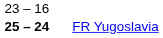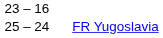 <table style="text-align:center">
 <tr>
 <th width=200></th>
 <th width=100></th>
 <th width=200></th>
 </tr>
 <tr>
 <td align=right><strong></strong></td>
 <td>23 – 16</td>
 <td align=left></td>
 </tr>
 <tr>
 <td align=right><strong></strong></td>
-<td><strong>25 – 24</strong></td>
+<td>25 – 24</td>
 <td align=left> <a href='#'>FR Yugoslavia</a></td>
 </tr>
 </table>
